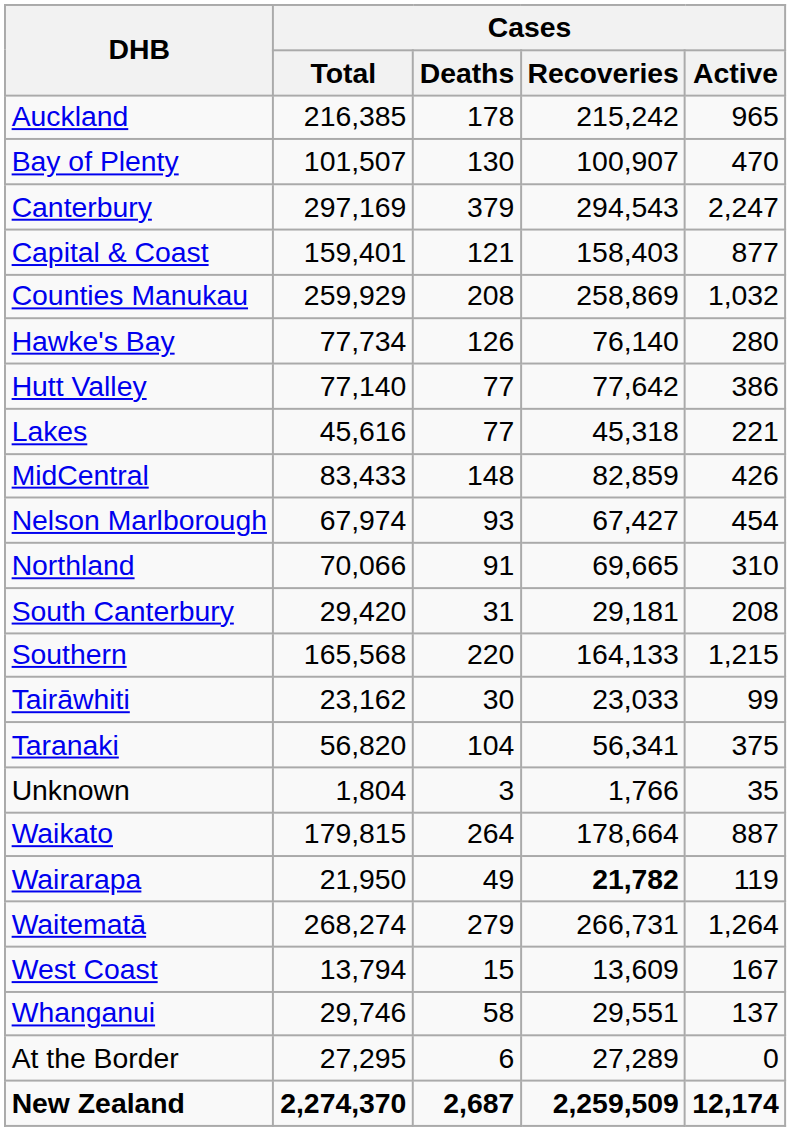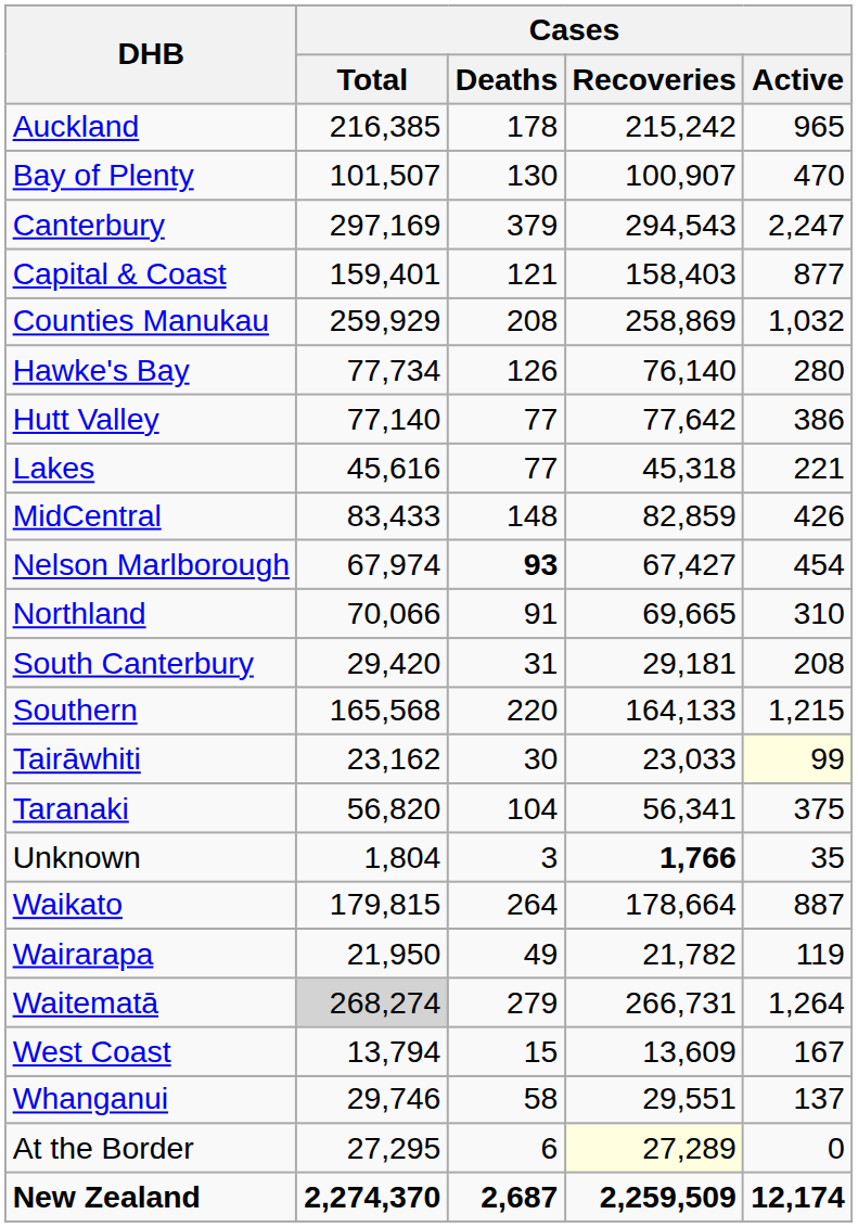 <table class="wikitable sortable" style="text-align:right; font-size:90%">
 <tr>
 <th rowspan="2">DHB</th>
 <th colspan="4">Cases</th>
 </tr>
 <tr>
 <th>Total</th>
 <th>Deaths</th>
 <th>Recoveries</th>
 <th>Active</th>
 </tr>
 <tr>
 <td style="text-align:left;"><a href='#'>Auckland</a></td>
 <td>216,385</td>
 <td>178</td>
 <td>215,242</td>
 <td>965</td>
 </tr>
 <tr>
 <td style="text-align:left;"><a href='#'>Bay of Plenty</a></td>
 <td>101,507</td>
 <td>130</td>
 <td>100,907</td>
 <td>470</td>
 </tr>
 <tr>
 <td style="text-align:left;"><a href='#'>Canterbury</a></td>
 <td>297,169</td>
 <td>379</td>
 <td>294,543</td>
 <td>2,247</td>
 </tr>
 <tr>
 <td style="text-align:left;"><a href='#'>Capital & Coast</a></td>
 <td>159,401</td>
 <td>121</td>
 <td>158,403</td>
 <td>877</td>
 </tr>
 <tr>
 <td style="text-align:left;"><a href='#'>Counties Manukau</a></td>
 <td>259,929</td>
 <td>208</td>
 <td>258,869</td>
 <td>1,032</td>
 </tr>
 <tr>
 <td style="text-align:left;"><a href='#'>Hawke's Bay</a></td>
 <td>77,734</td>
 <td>126</td>
 <td>76,140</td>
 <td>280</td>
 </tr>
 <tr>
 <td style="text-align:left;"><a href='#'>Hutt Valley</a></td>
 <td>77,140</td>
 <td>77</td>
 <td>77,642</td>
 <td>386</td>
 </tr>
 <tr>
 <td style="text-align:left;"><a href='#'>Lakes</a></td>
 <td>45,616</td>
 <td>77</td>
 <td>45,318</td>
 <td>221</td>
 </tr>
 <tr>
 <td style="text-align:left;"><a href='#'>MidCentral</a></td>
 <td>83,433</td>
 <td>148</td>
 <td>82,859</td>
 <td>426</td>
 </tr>
 <tr>
 <td style="text-align:left;"><a href='#'>Nelson Marlborough</a></td>
 <td>67,974</td>
-<td>93</td>
+<td><strong>93</strong></td>
 <td>67,427</td>
 <td>454</td>
 </tr>
 <tr>
 <td style="text-align:left;"><a href='#'>Northland</a></td>
 <td>70,066</td>
 <td>91</td>
 <td>69,665</td>
 <td>310</td>
 </tr>
 <tr>
 <td style="text-align:left;"><a href='#'>South Canterbury</a></td>
 <td>29,420</td>
 <td>31</td>
 <td>29,181</td>
 <td>208</td>
 </tr>
 <tr>
 <td style="text-align:left;"><a href='#'>Southern</a></td>
 <td>165,568</td>
 <td>220</td>
 <td>164,133</td>
 <td>1,215</td>
 </tr>
 <tr>
 <td style="text-align:left;"><a href='#'>Tairāwhiti</a></td>
 <td>23,162</td>
 <td>30</td>
 <td>23,033</td>
-<td>99</td>
+<td style="background: lightyellow;">99</td>
 </tr>
 <tr>
 <td style="text-align:left;"><a href='#'>Taranaki</a></td>
 <td>56,820</td>
 <td>104</td>
 <td>56,341</td>
 <td>375</td>
 </tr>
 <tr>
 <td style="text-align:left;">Unknown</td>
 <td>1,804</td>
 <td>3</td>
-<td>1,766</td>
+<td><strong>1,766</strong></td>
 <td>35</td>
 </tr>
 <tr>
 <td style="text-align:left;"><a href='#'>Waikato</a></td>
 <td>179,815</td>
 <td>264</td>
 <td>178,664</td>
 <td>887</td>
 </tr>
 <tr>
 <td style="text-align:left;"><a href='#'>Wairarapa</a></td>
 <td>21,950</td>
 <td>49</td>
-<td><strong>21,782</strong></td>
+<td>21,782</td>
 <td>119</td>
 </tr>
 <tr>
 <td style="text-align:left;"><a href='#'>Waitematā</a></td>
-<td>268,274</td>
+<td style="background: lightgrey;">268,274</td>
 <td>279</td>
 <td>266,731</td>
 <td>1,264</td>
 </tr>
 <tr>
 <td style="text-align:left;"><a href='#'>West Coast</a></td>
 <td>13,794</td>
 <td>15</td>
 <td>13,609</td>
 <td>167</td>
 </tr>
 <tr>
 <td style="text-align:left;"><a href='#'>Whanganui</a></td>
 <td>29,746</td>
 <td>58</td>
 <td>29,551</td>
 <td>137</td>
 </tr>
 <tr>
 <td style="text-align:left;">At the Border</td>
 <td>27,295</td>
 <td>6</td>
-<td>27,289</td>
+<td style="background: lightyellow;">27,289</td>
 <td>0</td>
 </tr>
 <tr>
 <td style="text-align:left;"><strong>New Zealand</strong></td>
 <td><strong>2,274,370</strong></td>
 <td><strong>2,687</strong></td>
 <td><strong>2,259,509</strong></td>
 <td><strong>12,174</strong></td>
 </tr>
 </table>
